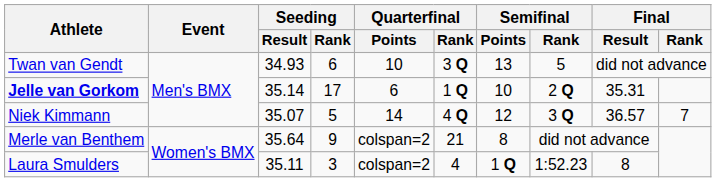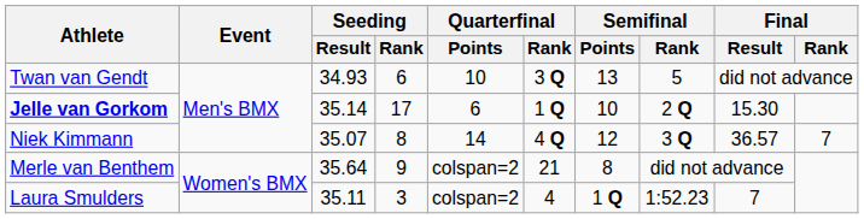 <table class="wikitable" style="font-size:90%;">
 <tr>
 <th rowspan=2>Athlete</th>
 <th rowspan=2>Event</th>
 <th colspan=2>Seeding</th>
 <th colspan=2>Quarterfinal</th>
 <th colspan=2>Semifinal</th>
 <th colspan=2>Final</th>
 </tr>
 <tr style="font-size:95%">
 <th>Result</th>
 <th>Rank</th>
 <th>Points</th>
 <th>Rank</th>
 <th>Points</th>
 <th>Rank</th>
 <th>Result</th>
 <th>Rank</th>
 </tr>
 <tr align=center>
 <td align=left><a href='#'>Twan van Gendt</a></td>
 <td align=left rowspan=3><a href='#'>Men's BMX</a></td>
 <td>34.93</td>
 <td>6</td>
 <td>10</td>
 <td>3 <strong>Q</strong></td>
 <td>13</td>
 <td>5</td>
 <td colspan=2>did not advance</td>
 </tr>
 <tr align=center>
 <td align=left><strong><a href='#'>Jelle van Gorkom</a></strong></td>
 <td>35.14</td>
 <td>17</td>
 <td>6</td>
 <td>1 <strong>Q</strong></td>
 <td>10</td>
 <td>2 <strong>Q</strong></td>
-<td>35.31</td>
+<td>15.30</td>
 <td></td>
 </tr>
 <tr align=center>
 <td align=left><a href='#'>Niek Kimmann</a></td>
 <td>35.07</td>
-<td>5</td>
+<td>8</td>
 <td>14</td>
 <td>4 <strong>Q</strong></td>
 <td>12</td>
 <td>3 <strong>Q</strong></td>
 <td>36.57</td>
 <td>7</td>
 </tr>
 <tr align=center>
 <td align=left><a href='#'>Merle van Benthem</a></td>
 <td align=left rowspan=2><a href='#'>Women's BMX</a></td>
 <td>35.64</td>
 <td>9</td>
 <td>colspan=2 </td>
 <td>21</td>
 <td>8</td>
 <td colspan=2>did not advance</td>
 </tr>
 <tr align=center>
 <td align=left><a href='#'>Laura Smulders</a></td>
 <td>35.11</td>
 <td>3</td>
 <td>colspan=2 </td>
 <td>4</td>
 <td>1 <strong>Q</strong></td>
 <td>1:52.23</td>
-<td>8</td>
+<td>7</td>
 </tr>
 </table>
